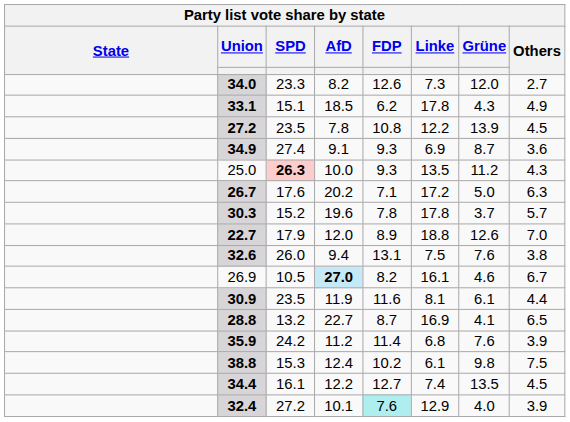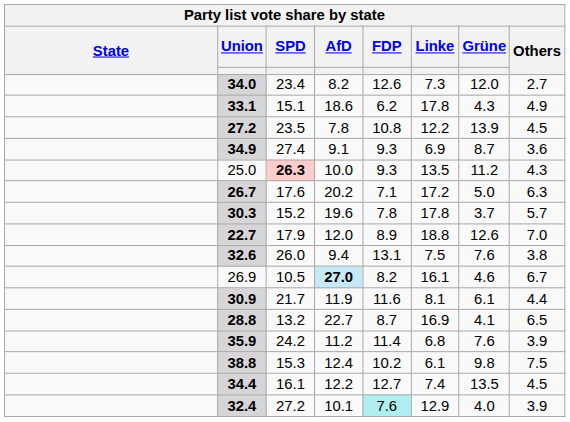 <table class="wikitable sortable" style="text-align:center;font-size:90%;line-height:14px">
 <tr>
 <th colspan=8>Party list vote share by state</th>
 </tr>
 <tr style="height:40px;">
 <th class="wikitable sortable" style="width:200px;" rowspan="2"><a href='#'>State</a></th>
 <th class="wikitable sortable" style="width:40px;"><a href='#'>Union</a></th>
 <th class="wikitable sortable" style="width:40px;"><a href='#'>SPD</a></th>
 <th class="wikitable sortable" style="width:40px;"><a href='#'>AfD</a></th>
 <th class="wikitable sortable" style="width:40px;"><a href='#'>FDP</a></th>
 <th class="wikitable sortable" style="width:40px;"><a href='#'>Linke</a></th>
 <th class="wikitable sortable" style="width:40px;"><a href='#'>Grüne</a></th>
 <th class="wikitable sortable" style="width:40px;" rowspan="2">Others</th>
 </tr>
 <tr>
 <th class="wikitable sortable" style="background:"></th>
 <th class="wikitable sortable" style="background:"></th>
 <th class="wikitable sortable" style="background:"></th>
 <th class="wikitable sortable" style="background:"></th>
 <th class="wikitable sortable" style="background:"></th>
 <th class="wikitable sortable" style="background:"></th>
 </tr>
 <tr>
 <td align="left"></td>
 <td style="background:#D7D5D7;"><strong>34.0</strong></td>
-<td>23.3</td>
+<td>23.4</td>
 <td>8.2</td>
 <td>12.6</td>
 <td>7.3</td>
 <td>12.0</td>
 <td>2.7</td>
 </tr>
 <tr>
 <td align="left"></td>
 <td style="background:#D7D5D7;"><strong>33.1</strong></td>
 <td>15.1</td>
-<td>18.5</td>
+<td>18.6</td>
 <td>6.2</td>
 <td>17.8</td>
 <td>4.3</td>
 <td>4.9</td>
 </tr>
 <tr>
 <td align="left"></td>
 <td style="background:#D7D5D7;"><strong>27.2</strong></td>
 <td>23.5</td>
 <td>7.8</td>
 <td>10.8</td>
 <td>12.2</td>
 <td>13.9</td>
 <td>4.5</td>
 </tr>
 <tr>
 <td align="left"></td>
 <td style="background:#D7D5D7;"><strong>34.9</strong></td>
 <td>27.4</td>
 <td>9.1</td>
 <td>9.3</td>
 <td>6.9</td>
 <td>8.7</td>
 <td>3.6</td>
 </tr>
 <tr>
 <td align="left"></td>
 <td>25.0</td>
 <td style="background:#FFCCCC"><strong>26.3</strong></td>
 <td>10.0</td>
 <td>9.3</td>
 <td>13.5</td>
 <td>11.2</td>
 <td>4.3</td>
 </tr>
 <tr>
 <td align="left"></td>
 <td style="background:#D7D5D7;"><strong>26.7</strong></td>
 <td>17.6</td>
 <td>20.2</td>
 <td>7.1</td>
 <td>17.2</td>
 <td>5.0</td>
 <td>6.3</td>
 </tr>
 <tr>
 <td align="left"></td>
 <td style="background:#D7D5D7;"><strong>30.3</strong></td>
 <td>15.2</td>
 <td>19.6</td>
 <td>7.8</td>
 <td>17.8</td>
 <td>3.7</td>
 <td>5.7</td>
 </tr>
 <tr>
 <td align="left"></td>
 <td style="background:#D7D5D7;"><strong>22.7</strong></td>
 <td>17.9</td>
 <td>12.0</td>
 <td>8.9</td>
 <td>18.8</td>
 <td>12.6</td>
 <td>7.0</td>
 </tr>
 <tr>
 <td align="left"></td>
 <td style="background:#D7D5D7;"><strong>32.6</strong></td>
 <td>26.0</td>
 <td>9.4</td>
 <td>13.1</td>
 <td>7.5</td>
 <td>7.6</td>
 <td>3.8</td>
 </tr>
 <tr>
 <td align="left"></td>
 <td>26.9</td>
 <td>10.5</td>
 <td style="background:#C6E9F8;"><strong>27.0</strong></td>
 <td>8.2</td>
 <td>16.1</td>
 <td>4.6</td>
 <td>6.7</td>
 </tr>
 <tr>
 <td align="left"></td>
 <td style="background:#D7D5D7;"><strong>30.9</strong></td>
-<td>23.5</td>
+<td>21.7</td>
 <td>11.9</td>
 <td>11.6</td>
 <td>8.1</td>
 <td>6.1</td>
 <td>4.4</td>
 </tr>
 <tr>
 <td align="left"></td>
 <td style="background:#D7D5D7;"><strong>28.8</strong></td>
 <td>13.2</td>
 <td>22.7</td>
 <td>8.7</td>
 <td>16.9</td>
 <td>4.1</td>
 <td>6.5</td>
 </tr>
 <tr>
 <td align="left"></td>
 <td style="background:#D7D5D7;"><strong>35.9</strong></td>
 <td>24.2</td>
 <td>11.2</td>
 <td>11.4</td>
 <td>6.8</td>
 <td>7.6</td>
 <td>3.9</td>
 </tr>
 <tr>
 <td align="left"></td>
 <td style="background:#D7D5D7;"><strong>38.8</strong></td>
 <td>15.3</td>
 <td>12.4</td>
 <td>10.2</td>
 <td>6.1</td>
 <td>9.8</td>
 <td>7.5</td>
 </tr>
 <tr>
 <td align="left"></td>
 <td style="background:#D7D5D7;"><strong>34.4</strong></td>
 <td>16.1</td>
 <td>12.2</td>
 <td>12.7</td>
 <td>7.4</td>
 <td>13.5</td>
 <td>4.5</td>
 </tr>
 <tr>
 <td align="left"></td>
 <td style="background:#D7D5D7;"><strong>32.4</strong></td>
 <td>27.2</td>
 <td>10.1</td>
 <td style="background: paleturquoise;">7.6</td>
 <td>12.9</td>
 <td>4.0</td>
 <td>3.9</td>
 </tr>
 </table>
